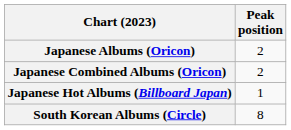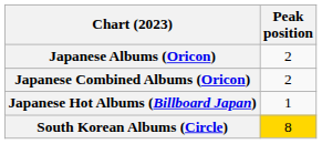 <table class="wikitable sortable plainrowheaders" style="text-align:center">
 <tr>
 <th scope="col">Chart (2023)</th>
 <th scope="col">Peak<br>position</th>
 </tr>
 <tr>
 <th scope="row">Japanese Albums (<a href='#'>Oricon</a>)</th>
 <td>2</td>
 </tr>
 <tr>
 <th scope="row">Japanese Combined Albums (<a href='#'>Oricon</a>)</th>
 <td>2</td>
 </tr>
 <tr>
 <th scope="row">Japanese Hot Albums (<em><a href='#'>Billboard Japan</a></em>)</th>
 <td>1</td>
 </tr>
 <tr>
 <th scope="row">South Korean Albums (<a href='#'>Circle</a>)</th>
-<td>8</td>
+<td style="background: gold;">8</td>
 </tr>
 </table>
